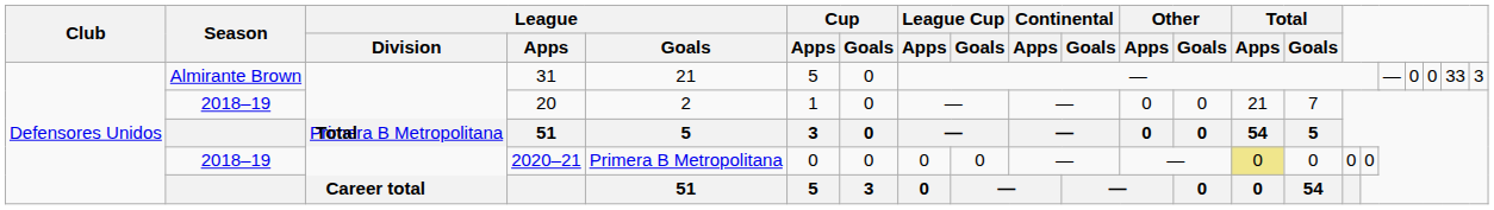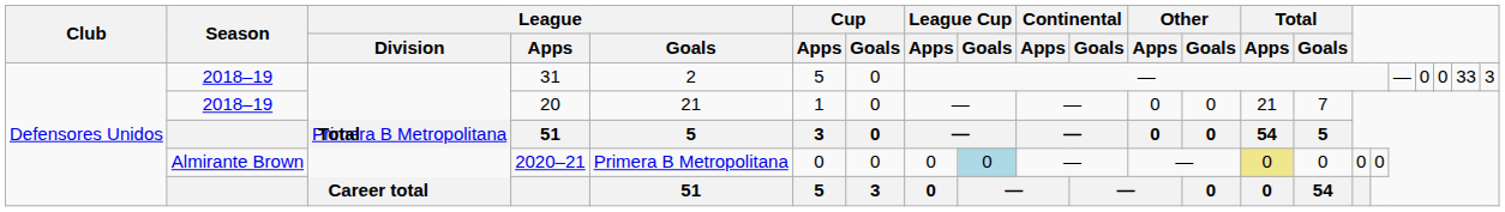 <table class="wikitable" style="text-align:center">
 <tr>
 <th rowspan="2">Club</th>
 <th rowspan="2">Season</th>
 <th colspan="3">League</th>
 <th colspan="2">Cup</th>
 <th colspan="2">League Cup</th>
 <th colspan="2">Continental</th>
 <th colspan="2">Other</th>
 <th colspan="2">Total</th>
 </tr>
 <tr>
 <th>Division</th>
 <th>Apps</th>
 <th>Goals</th>
 <th>Apps</th>
 <th>Goals</th>
 <th>Apps</th>
 <th>Goals</th>
 <th>Apps</th>
 <th>Goals</th>
 <th>Apps</th>
 <th>Goals</th>
 <th>Apps</th>
 <th>Goals</th>
 </tr>
 <tr>
 <td rowspan="21”"><a href='#'>Defensores Unidos</a></td>
-<td rowspan="1"><a href='#'>Almirante Brown</a></td>
+<td><a href='#'>2018–19</a></td>
 <td rowspan="5”"><a href='#'>Primera B Metropolitana</a></td>
 <td>31</td>
-<td>21</td>
+<td>2</td>
 <td>5</td>
 <td>0</td>
 <td colspan="27”">—</td>
 <td colspan="2">—</td>
 <td>0</td>
 <td>0</td>
 <td>33</td>
 <td>3</td>
 </tr>
 <tr>
 <td><a href='#'>2018–19</a></td>
 <td>20</td>
-<td>2</td>
+<td>21</td>
 <td>1</td>
 <td>0</td>
 <td colspan="2">—</td>
 <td colspan="2">—</td>
 <td>0</td>
 <td>0</td>
 <td>21</td>
 <td>7</td>
 </tr>
 <tr>
 <th colspan="2">Total</th>
 <th>51</th>
 <th>5</th>
 <th>3</th>
 <th>0</th>
 <th colspan="2">—</th>
 <th colspan="2">—</th>
 <th>0</th>
 <th>0</th>
 <th>54</th>
 <th>5</th>
 </tr>
 <tr>
-<td><a href='#'>2018–19</a></td>
+<td rowspan="1"><a href='#'>Almirante Brown</a></td>
 <td><a href='#'>2020–21</a></td>
 <td rowspan="1"><a href='#'>Primera B Metropolitana</a></td>
 <td>0</td>
 <td>0</td>
 <td>0</td>
-<td>0</td>
+<td style="background: lightblue;">0</td>
 <td colspan="2">—</td>
 <td colspan="2">—</td>
 <td style="background: khaki;">0</td>
 <td>0</td>
 <td>0</td>
 <td>0</td>
 </tr>
 <tr>
 <th colspan="3">Career total</th>
 <th>51</th>
 <th>5</th>
 <th>3</th>
 <th>0</th>
 <th colspan="2">—</th>
 <th colspan="2">—</th>
 <th>0</th>
 <th>0</th>
 <th>54</th>
 <th></th>
 </tr>
 </table>
